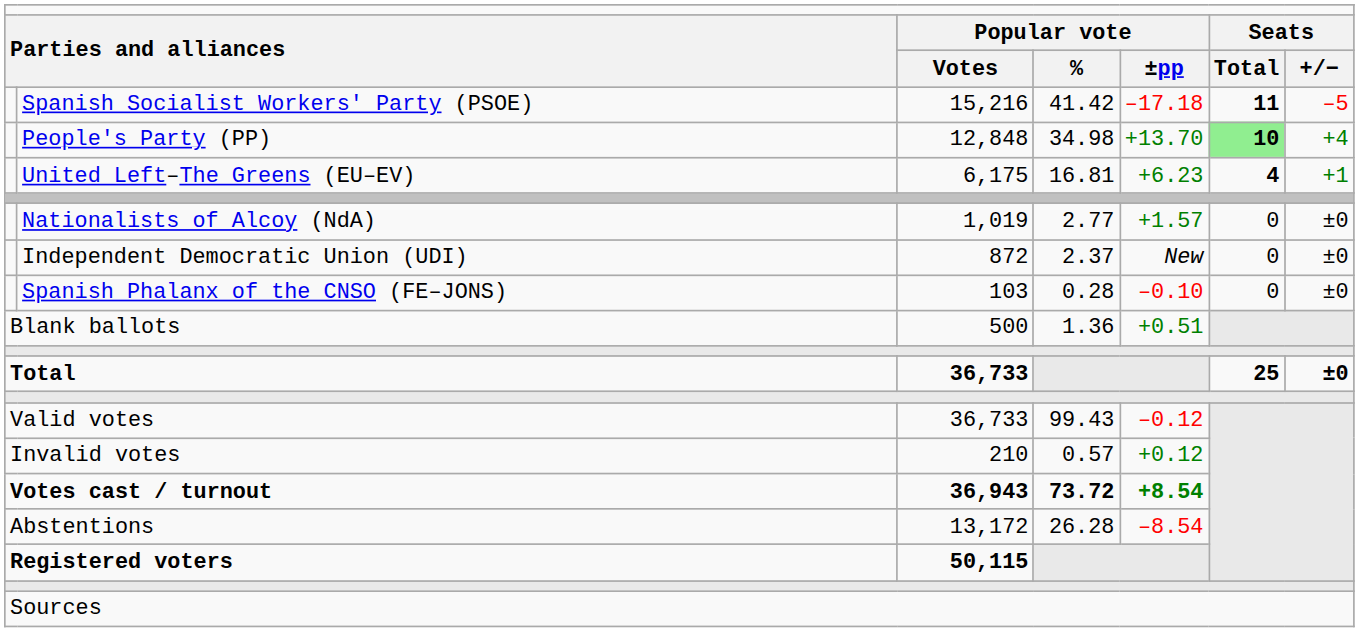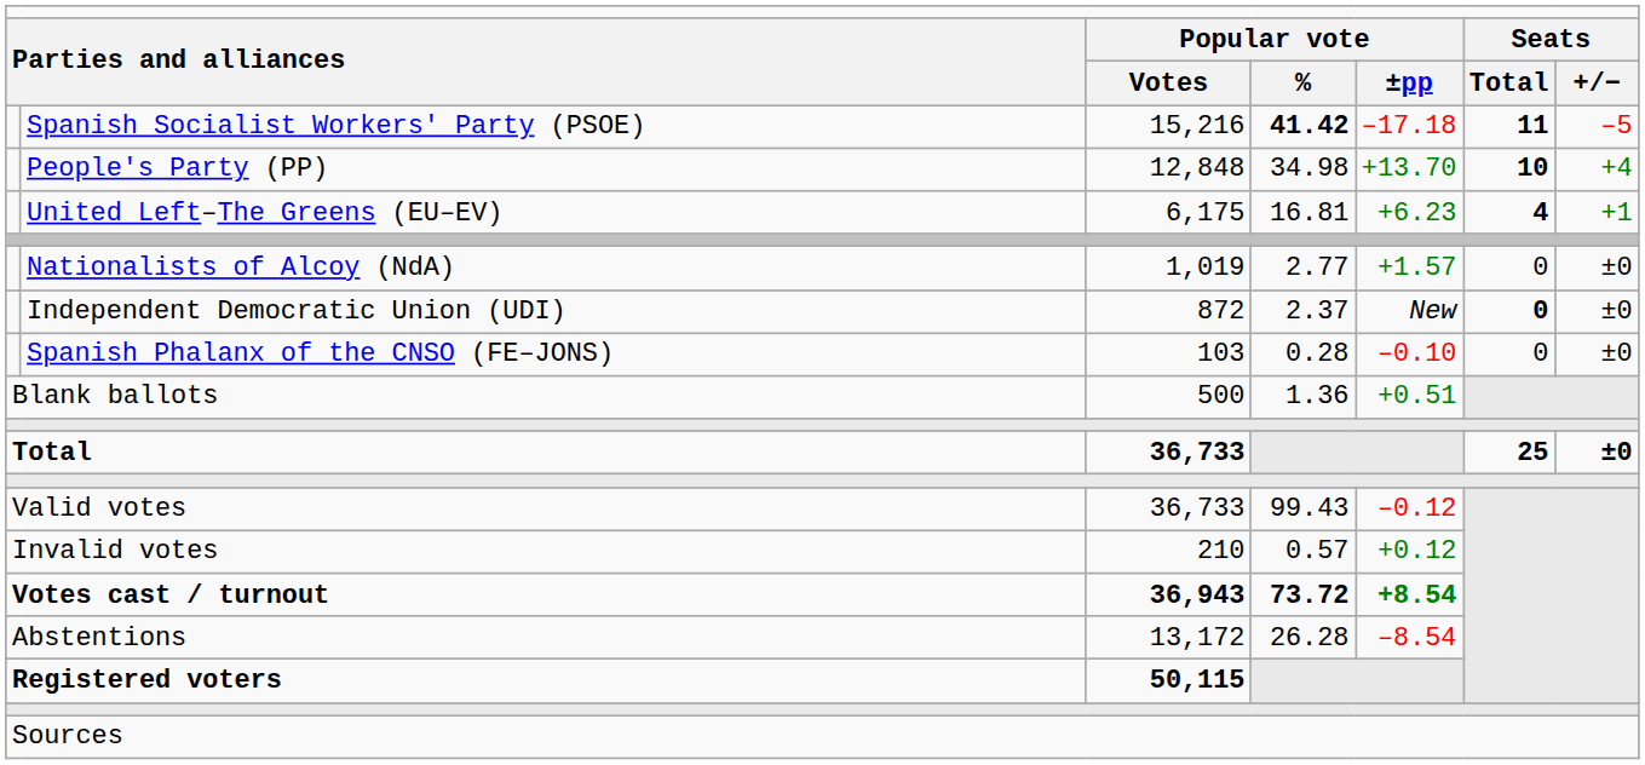 <table class="wikitable" style="text-align:right;">
 <tr>
 <td colspan="7"></td>
 </tr>
 <tr>
 <th style="text-align:left;" rowspan="2" colspan="2" width="525">Parties and alliances</th>
 <th colspan="3">Popular vote</th>
 <th colspan="2">Seats</th>
 </tr>
 <tr>
 <th width="75">Votes</th>
 <th width="45">%</th>
 <th width="45">±<a href='#'>pp</a></th>
 <th width="35">Total</th>
 <th width="35">+/−</th>
 </tr>
 <tr>
 <td width="1" style="color:inherit;background:"></td>
 <td align="left"><a href='#'>Spanish Socialist Workers' Party</a> (PSOE)</td>
 <td>15,216</td>
-<td>41.42</td>
+<td><strong>41.42</strong></td>
 <td style="color:red;">–17.18</td>
 <td><strong>11</strong></td>
 <td style="color:red;">–5</td>
 </tr>
 <tr>
 <td style="color:inherit;background:"></td>
 <td align="left"><a href='#'>People's Party</a> (PP)</td>
 <td>12,848</td>
 <td>34.98</td>
 <td style="color:green;">+13.70</td>
-<td style="background: lightgreen;"><strong>10</strong></td>
+<td><strong>10</strong></td>
 <td style="color:green;">+4</td>
 </tr>
 <tr>
 <td style="color:inherit;background:"></td>
 <td align="left"><a href='#'>United Left</a>–<a href='#'>The Greens</a> (EU–EV)</td>
 <td>6,175</td>
 <td>16.81</td>
 <td style="color:green;">+6.23</td>
 <td><strong>4</strong></td>
 <td style="color:green;">+1</td>
 </tr>
 <tr>
 <td colspan="7" bgcolor="#C0C0C0"></td>
 </tr>
 <tr>
 <td style="color:inherit;background:"></td>
 <td align="left"><a href='#'>Nationalists of Alcoy</a> (NdA)</td>
 <td>1,019</td>
 <td>2.77</td>
 <td style="color:green;">+1.57</td>
 <td>0</td>
 <td>±0</td>
 </tr>
 <tr>
 <td style="color:inherit;background:"></td>
 <td align="left">Independent Democratic Union (UDI)</td>
 <td>872</td>
 <td>2.37</td>
 <td><em>New</em></td>
-<td>0</td>
+<td><strong>0</strong></td>
 <td>±0</td>
 </tr>
 <tr>
 <td style="color:inherit;background:"></td>
 <td align="left"><a href='#'>Spanish Phalanx of the CNSO</a> (FE–JONS)</td>
 <td>103</td>
 <td>0.28</td>
 <td style="color:red;">–0.10</td>
 <td>0</td>
 <td>±0</td>
 </tr>
 <tr>
 <td align="left" colspan="2">Blank ballots</td>
 <td>500</td>
 <td>1.36</td>
 <td style="color:green;">+0.51</td>
 <td bgcolor="#E9E9E9" colspan="2"></td>
 </tr>
 <tr>
 <td colspan="7" bgcolor="#E9E9E9"></td>
 </tr>
 <tr style="font-weight:bold;">
 <td align="left" colspan="2">Total</td>
 <td>36,733</td>
 <td bgcolor="#E9E9E9" colspan="2"></td>
 <td>25</td>
 <td>±0</td>
 </tr>
 <tr>
 <td colspan="7" bgcolor="#E9E9E9"></td>
 </tr>
 <tr>
 <td align="left" colspan="2">Valid votes</td>
 <td>36,733</td>
 <td>99.43</td>
 <td style="color:red;">–0.12</td>
 <td bgcolor="#E9E9E9" colspan="2" rowspan="5"></td>
 </tr>
 <tr>
 <td align="left" colspan="2">Invalid votes</td>
 <td>210</td>
 <td>0.57</td>
 <td style="color:green;">+0.12</td>
 </tr>
 <tr style="font-weight:bold;">
 <td align="left" colspan="2">Votes cast / turnout</td>
 <td>36,943</td>
 <td>73.72</td>
 <td style="color:green;">+8.54</td>
 </tr>
 <tr>
 <td align="left" colspan="2">Abstentions</td>
 <td>13,172</td>
 <td>26.28</td>
 <td style="color:red;">–8.54</td>
 </tr>
 <tr style="font-weight:bold;">
 <td align="left" colspan="2">Registered voters</td>
 <td>50,115</td>
 <td bgcolor="#E9E9E9" colspan="2"></td>
 </tr>
 <tr>
 <td colspan="7" bgcolor="#E9E9E9"></td>
 </tr>
 <tr>
 <td align="left" colspan="7">Sources</td>
 </tr>
 </table>
